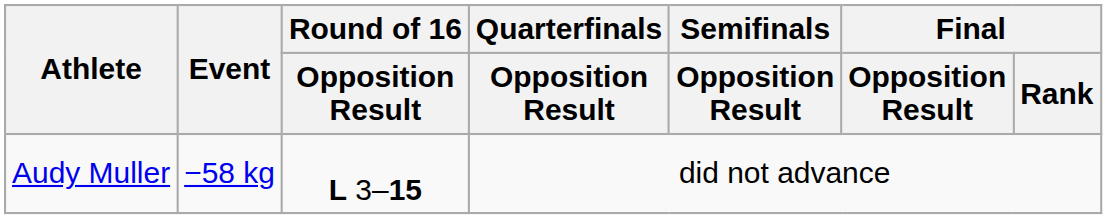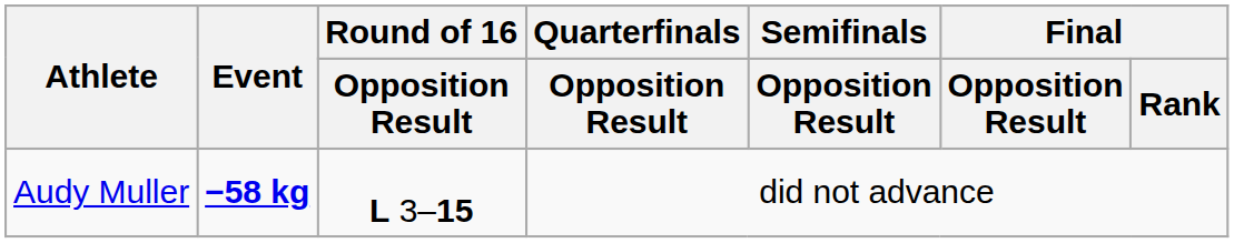 <table class="wikitable" style="font-size:90%">
 <tr>
 <th rowspan="2">Athlete</th>
 <th rowspan="2">Event</th>
 <th>Round of 16</th>
 <th>Quarterfinals</th>
 <th>Semifinals</th>
 <th colspan="2">Final</th>
 </tr>
 <tr>
 <th>Opposition<br>Result</th>
 <th>Opposition<br>Result</th>
 <th>Opposition<br>Result</th>
 <th>Opposition<br>Result</th>
 <th>Rank</th>
 </tr>
 <tr>
 <td><a href='#'>Audy Muller</a></td>
-<td><a href='#'>−58 kg</a></td>
+<td><strong><a href='#'>−58 kg</a></strong></td>
 <td align=center><br><strong>L</strong> 3–<strong>15</strong></td>
 <td align=center colspan=4>did not advance</td>
 </tr>
 </table>
